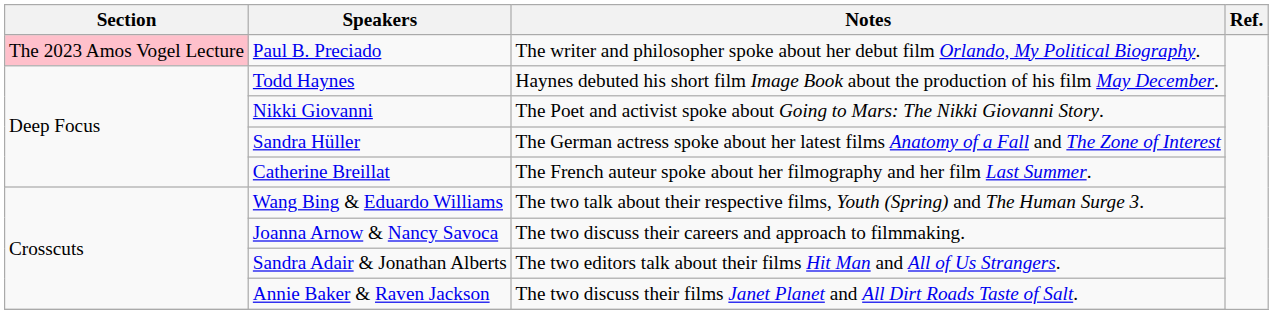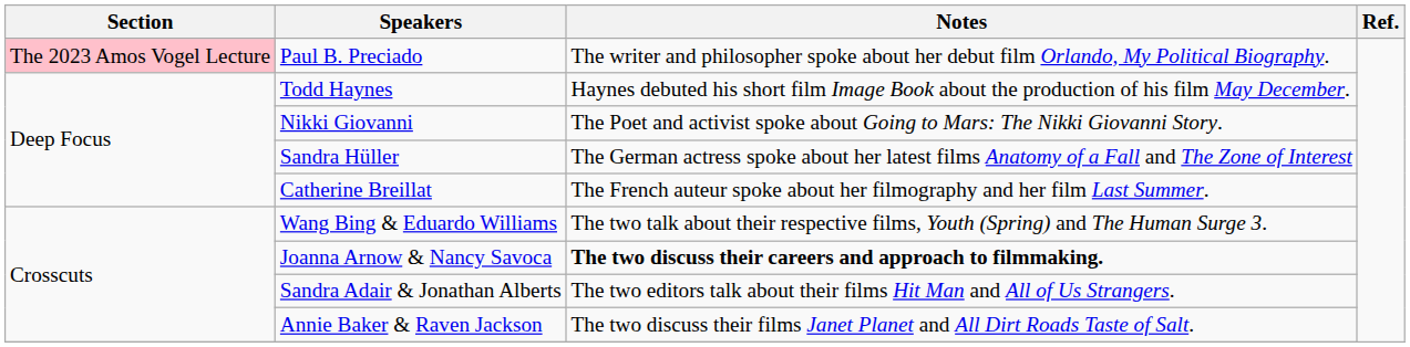 <table class="wikitable sortable plainrowheaders">
 <tr>
 <th>Section</th>
 <th>Speakers</th>
 <th>Notes</th>
 <th class="unsortable">Ref.</th>
 </tr>
 <tr>
 <td style="background: pink;">The 2023 Amos Vogel Lecture</td>
 <td><a href='#'>Paul B. Preciado</a></td>
 <td>The writer and philosopher spoke about her debut film <em><a href='#'>Orlando, My Political Biography</a></em>.</td>
 <td rowspan=10></td>
 </tr>
 <tr>
 <td rowspan=4>Deep Focus</td>
 <td><a href='#'>Todd Haynes</a></td>
 <td>Haynes debuted his short film <em>Image Book</em> about the production of his film <em><a href='#'>May December</a></em>.</td>
 </tr>
 <tr>
 <td><a href='#'>Nikki Giovanni</a></td>
 <td>The Poet and activist spoke about <em>Going to Mars: The Nikki Giovanni Story</em>.</td>
 </tr>
 <tr>
 <td><a href='#'>Sandra Hüller</a></td>
 <td>The German actress spoke about her latest films <em><a href='#'>Anatomy of a Fall</a></em> and <em><a href='#'>The Zone of Interest</a></em></td>
 </tr>
 <tr>
 <td><a href='#'>Catherine Breillat</a></td>
 <td>The French auteur spoke about her filmography and her film <em><a href='#'>Last Summer</a></em>.</td>
 </tr>
 <tr>
 <td rowspan=4>Crosscuts</td>
 <td><a href='#'>Wang Bing</a> & <a href='#'>Eduardo Williams</a></td>
 <td>The two talk about their respective films, <em>Youth (Spring)</em> and <em>The Human Surge 3</em>.</td>
 </tr>
 <tr>
 <td><a href='#'>Joanna Arnow</a> & <a href='#'>Nancy Savoca</a></td>
-<td>The two discuss their careers and approach to filmmaking.</td>
+<td><strong>The two discuss their careers and approach to filmmaking.</strong></td>
 </tr>
 <tr>
 <td><a href='#'>Sandra Adair</a> & Jonathan Alberts</td>
 <td>The two editors talk about their films <em><a href='#'>Hit Man</a></em> and <em><a href='#'>All of Us Strangers</a></em>.</td>
 </tr>
 <tr>
 <td><a href='#'>Annie Baker</a> & <a href='#'>Raven Jackson</a></td>
 <td>The two discuss their films <em><a href='#'>Janet Planet</a></em> and <em><a href='#'>All Dirt Roads Taste of Salt</a></em>.</td>
 </tr>
 <tr>
 </tr>
 </table>
